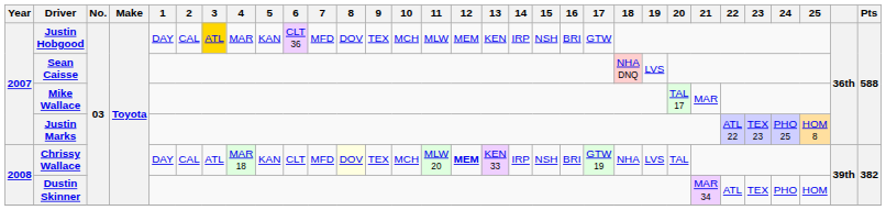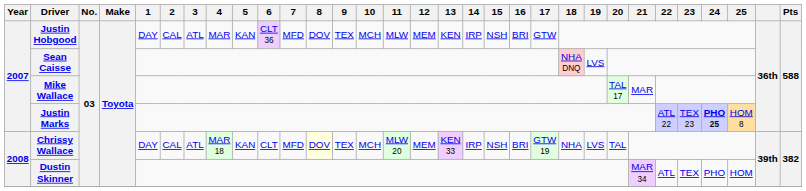 <table class="wikitable" style="text-align:center; font-size:75%">
 <tr>
 <th>Year</th>
 <th>Driver</th>
 <th>No.</th>
 <th>Make</th>
 <th>1</th>
 <th>2</th>
 <th>3</th>
 <th>4</th>
 <th>5</th>
 <th>6</th>
 <th>7</th>
 <th>8</th>
 <th>9</th>
 <th>10</th>
 <th>11</th>
 <th>12</th>
 <th>13</th>
 <th>14</th>
 <th>15</th>
 <th>16</th>
 <th>17</th>
 <th>18</th>
 <th>19</th>
 <th>20</th>
 <th>21</th>
 <th>22</th>
 <th>23</th>
 <th>24</th>
 <th>25</th>
 <th></th>
 <th>Pts</th>
 </tr>
 <tr>
 <th rowspan=4><a href='#'>2007</a></th>
 <th><a href='#'>Justin Hobgood</a></th>
 <th rowspan=6>03</th>
 <th rowspan=6><a href='#'>Toyota</a></th>
 <td><a href='#'>DAY</a></td>
 <td><a href='#'>CAL</a></td>
-<td style="background: gold;"><a href='#'>ATL</a></td>
+<td><a href='#'>ATL</a></td>
 <td><a href='#'>MAR</a></td>
 <td><a href='#'>KAN</a></td>
 <td style="background:#EFCFFF;"><a href='#'>CLT</a><br><small>36</small></td>
 <td><a href='#'>MFD</a></td>
 <td><a href='#'>DOV</a></td>
 <td><a href='#'>TEX</a></td>
 <td><a href='#'>MCH</a></td>
 <td><a href='#'>MLW</a></td>
 <td><a href='#'>MEM</a></td>
 <td><a href='#'>KEN</a></td>
 <td><a href='#'>IRP</a></td>
 <td><a href='#'>NSH</a></td>
 <td><a href='#'>BRI</a></td>
 <td><a href='#'>GTW</a></td>
 <td colspan=8></td>
 <th rowspan=4>36th</th>
 <th rowspan=4>588</th>
 </tr>
 <tr>
 <th><a href='#'>Sean Caisse</a></th>
 <td colspan=17></td>
 <td style="background:#FFCFCF;"><a href='#'>NHA</a><br><small>DNQ</small></td>
 <td><a href='#'>LVS</a></td>
 <td colspan=6></td>
 </tr>
 <tr>
 <th><a href='#'>Mike Wallace</a></th>
 <td colspan=19></td>
 <td style="background:#DFFFDF;"><a href='#'>TAL</a><br><small>17</small></td>
 <td><a href='#'>MAR</a></td>
 <td colspan=4></td>
 </tr>
 <tr>
 <th><a href='#'>Justin Marks</a></th>
 <td colspan=21></td>
 <td style="background:#CFCFFF;"><a href='#'>ATL</a><br><small>22</small></td>
 <td style="background:#CFCFFF;"><a href='#'>TEX</a><br><small>23</small></td>
-<td style="background:#CFCFFF;"><a href='#'>PHO</a><br><small>25</small></td>
+<td style="background:#CFCFFF;"><strong><a href='#'>PHO</a><br><small>25</small></strong></td>
 <td style="background:#FFDF9F;"><a href='#'>HOM</a><br><small>8</small></td>
 </tr>
 <tr>
 <th rowspan=2><a href='#'>2008</a></th>
 <th><a href='#'>Chrissy Wallace</a></th>
 <td><a href='#'>DAY</a></td>
 <td><a href='#'>CAL</a></td>
 <td><a href='#'>ATL</a></td>
 <td style="background:#DFFFDF;"><a href='#'>MAR</a><br><small>18</small></td>
 <td><a href='#'>KAN</a></td>
 <td><a href='#'>CLT</a></td>
 <td><a href='#'>MFD</a></td>
 <td style="background: lightyellow;"><a href='#'>DOV</a></td>
 <td><a href='#'>TEX</a></td>
 <td><a href='#'>MCH</a></td>
 <td style="background:#DFFFDF;"><a href='#'>MLW</a><br><small>20</small></td>
-<td><strong><a href='#'>MEM</a></strong></td>
+<td><a href='#'>MEM</a></td>
 <td style="background:#EFCFFF;"><a href='#'>KEN</a><br><small>33</small></td>
 <td><a href='#'>IRP</a></td>
 <td><a href='#'>NSH</a></td>
 <td><a href='#'>BRI</a></td>
 <td style="background:#DFFFDF;"><a href='#'>GTW</a><br><small>19</small></td>
 <td><a href='#'>NHA</a></td>
 <td><a href='#'>LVS</a></td>
 <td><a href='#'>TAL</a></td>
 <td colspan=5></td>
 <th rowspan=2>39th</th>
 <th rowspan=2>382</th>
 </tr>
 <tr>
 <th><a href='#'>Dustin Skinner</a></th>
 <td colspan=20></td>
 <td style="background:#EFCFFF;"><a href='#'>MAR</a><br><small>34</small></td>
 <td><a href='#'>ATL</a></td>
 <td><a href='#'>TEX</a></td>
 <td><a href='#'>PHO</a></td>
 <td><a href='#'>HOM</a></td>
 </tr>
 <tr>
 </tr>
 </table>
